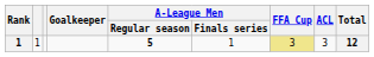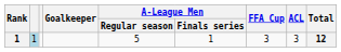 <table class="wikitable" style="text-align:center">
 <tr>
 <th rowspan="2">Rank</th>
 <th rowspan="2"></th>
 <th rowspan="2"></th>
 <th rowspan="2">Goalkeeper</th>
 <th colspan="2"><a href='#'>A-League Men</a></th>
 <th rowspan="2"><a href='#'>FFA Cup</a></th>
 <th rowspan="2"><a href='#'>ACL</a></th>
 <th rowspan="2">Total</th>
 </tr>
 <tr>
 <th>Regular season</th>
 <th>Finals series</th>
 </tr>
 <tr>
 <th>1</th>
-<td>1</td>
+<td style="background: lightblue;">1</td>
 <td></td>
 <td align="left"></td>
-<td><strong>5</strong></td>
+<td>5</td>
 <td>1</td>
-<td style="background: khaki;">3</td>
+<td>3</td>
 <td>3</td>
 <th>12</th>
 </tr>
 </table>
